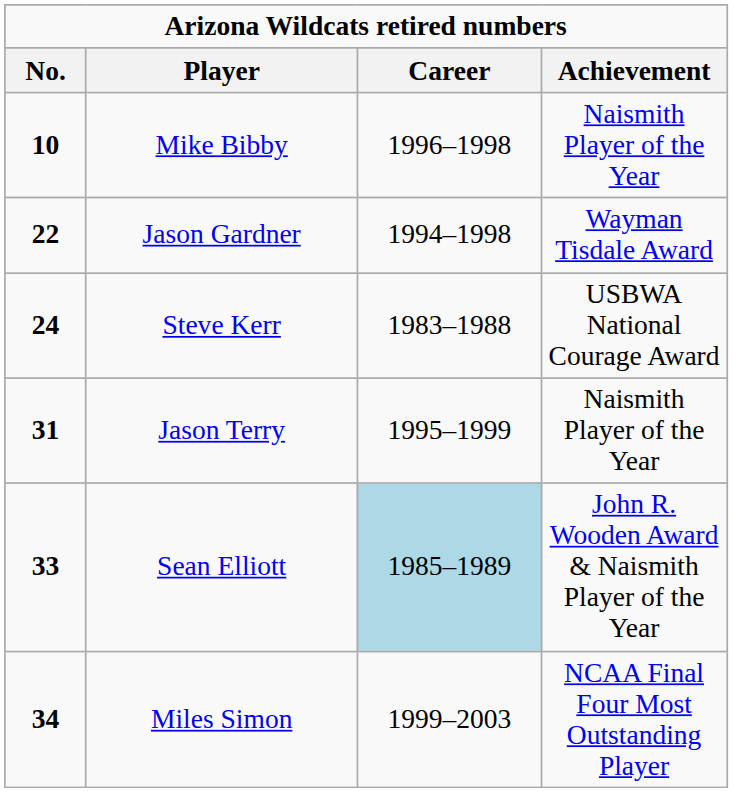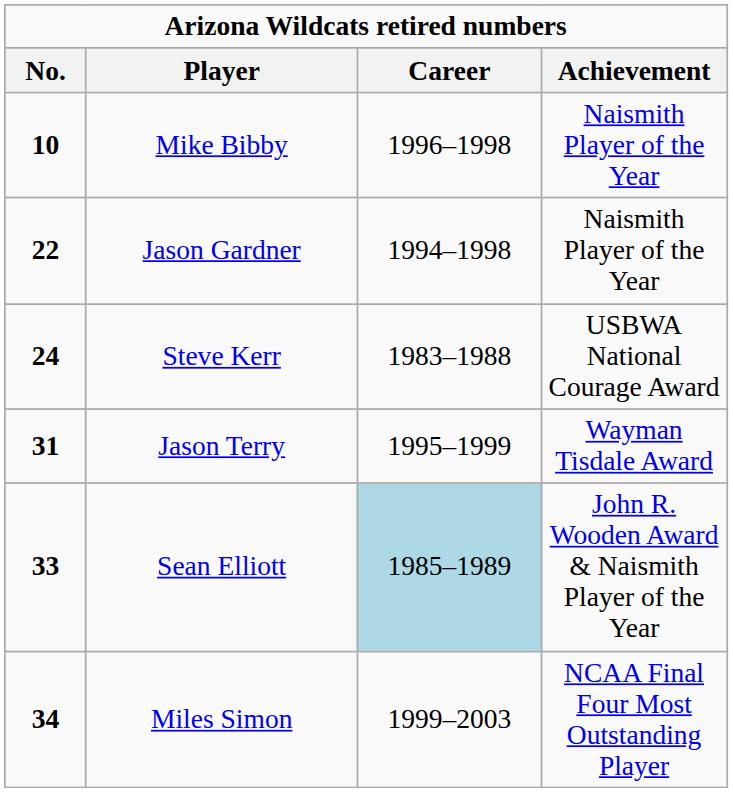 <table class="wikitable sortable" style="text-align:center">
 <tr>
 <td colspan="5"><strong>Arizona Wildcats retired numbers</strong></td>
 </tr>
 <tr>
 <th width=40px>No.</th>
 <th width=150px>Player</th>
 <th width=100px>Career</th>
 <th width=100px>Achievement</th>
 </tr>
 <tr>
 <td><strong>10</strong></td>
 <td><a href='#'>Mike Bibby</a></td>
 <td>1996–1998</td>
 <td><a href='#'>Naismith Player of the Year</a></td>
 </tr>
 <tr>
 <td><strong>22</strong></td>
 <td><a href='#'>Jason Gardner</a></td>
 <td>1994–1998</td>
-<td><a href='#'>Wayman Tisdale Award</a></td>
+<td>Naismith Player of the Year</td>
 </tr>
 <tr>
 <td><strong>24</strong></td>
 <td><a href='#'>Steve Kerr</a></td>
 <td>1983–1988</td>
 <td>USBWA National Courage Award</td>
 </tr>
 <tr>
 <td><strong>31</strong></td>
 <td><a href='#'>Jason Terry</a></td>
 <td>1995–1999</td>
-<td>Naismith Player of the Year</td>
+<td><a href='#'>Wayman Tisdale Award</a></td>
 </tr>
 <tr>
 <td><strong>33</strong></td>
 <td><a href='#'>Sean Elliott</a></td>
 <td style="background: lightblue;">1985–1989</td>
 <td><a href='#'>John R. Wooden Award</a> & Naismith Player of the Year</td>
 </tr>
 <tr>
 <td><strong>34</strong></td>
 <td><a href='#'>Miles Simon</a></td>
 <td>1999–2003</td>
 <td><a href='#'>NCAA Final Four Most Outstanding Player</a></td>
 </tr>
 </table>
